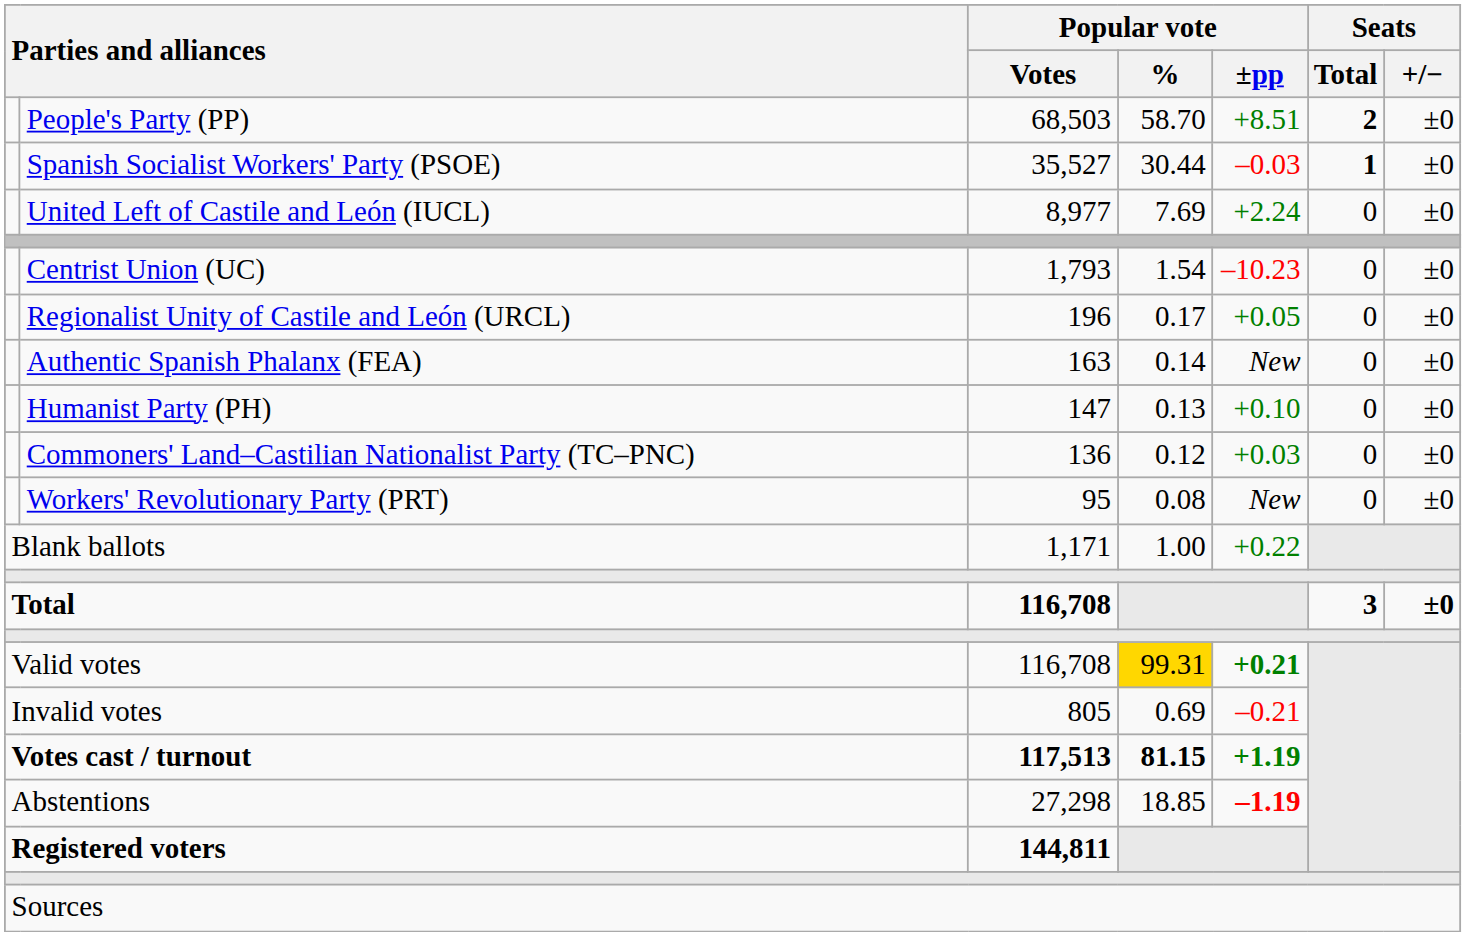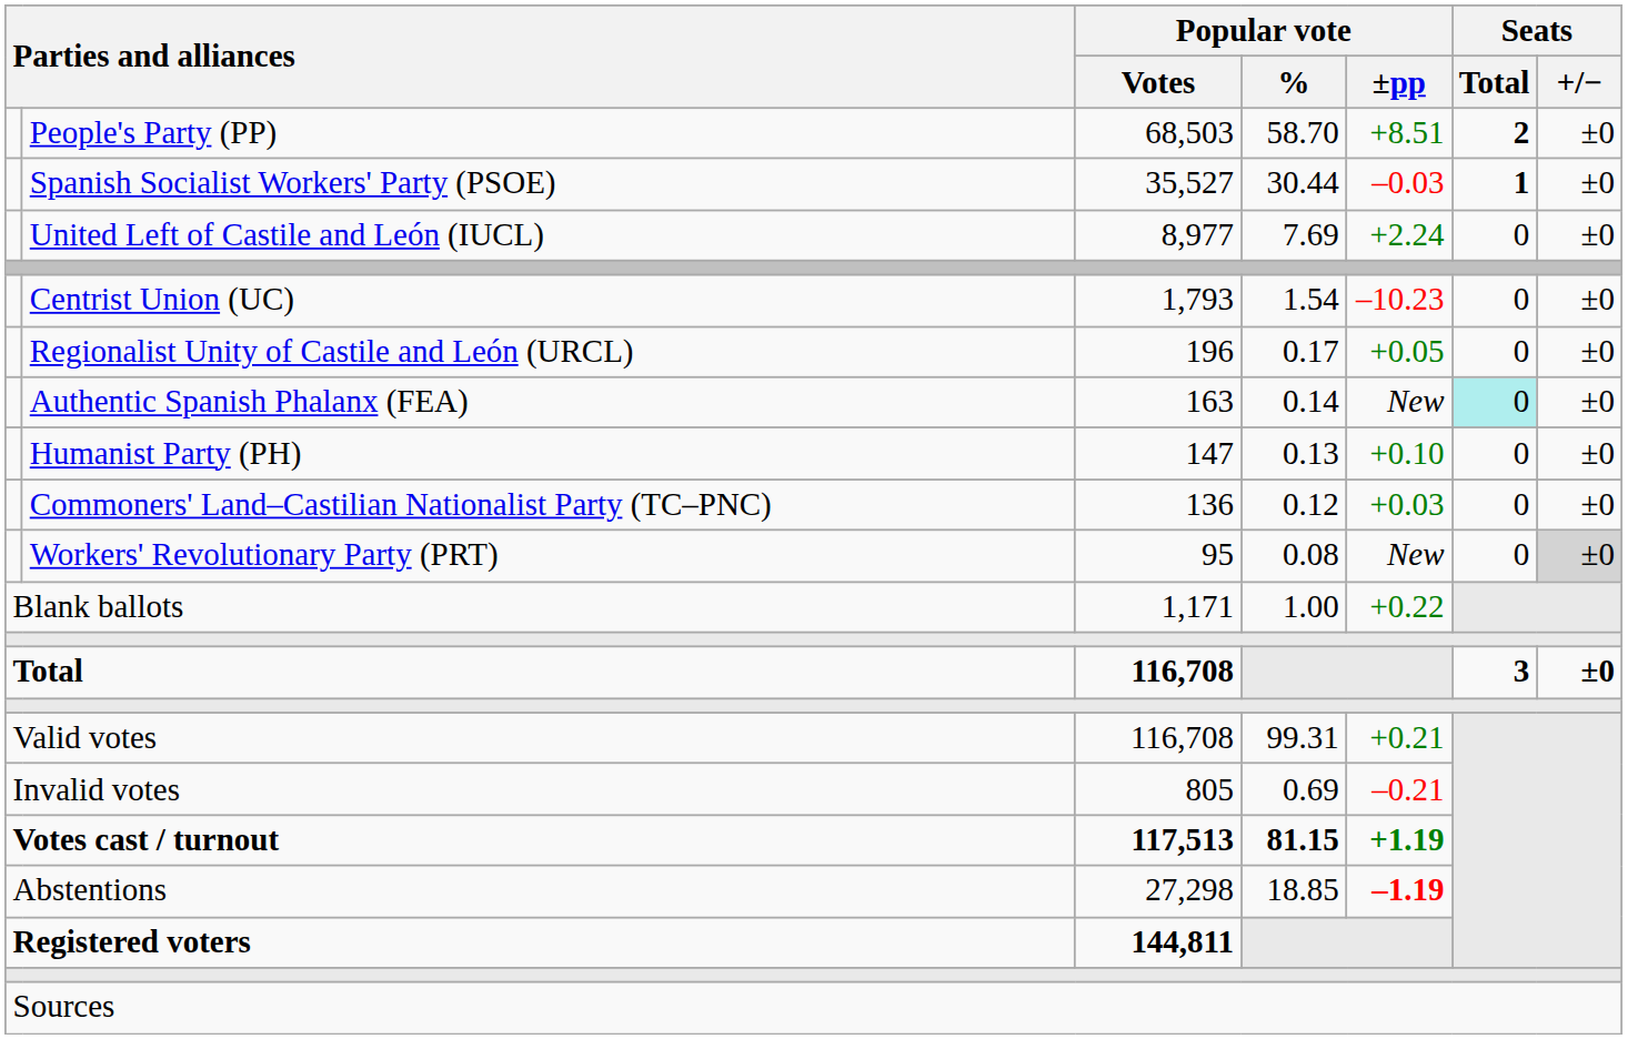 <table class="wikitable" style="text-align:right;">
 <tr>
 <th style="text-align:left;" rowspan="2" colspan="2" width="525">Parties and alliances</th>
 <th colspan="3">Popular vote</th>
 <th colspan="2">Seats</th>
 </tr>
 <tr>
 <th width="75">Votes</th>
 <th width="45">%</th>
 <th width="45">±<a href='#'>pp</a></th>
 <th width="35">Total</th>
 <th width="35">+/−</th>
 </tr>
 <tr>
 <td width="1" style="color:inherit;background:"></td>
 <td align="left"><a href='#'>People's Party</a> (PP)</td>
 <td>68,503</td>
 <td>58.70</td>
 <td style="color:green;">+8.51</td>
 <td><strong>2</strong></td>
 <td>±0</td>
 </tr>
 <tr>
 <td style="color:inherit;background:"></td>
 <td align="left"><a href='#'>Spanish Socialist Workers' Party</a> (PSOE)</td>
 <td>35,527</td>
 <td>30.44</td>
 <td style="color:red;">–0.03</td>
 <td><strong>1</strong></td>
 <td>±0</td>
 </tr>
 <tr>
 <td style="color:inherit;background:"></td>
 <td align="left"><a href='#'>United Left of Castile and León</a> (IUCL)</td>
 <td>8,977</td>
 <td>7.69</td>
 <td style="color:green;">+2.24</td>
 <td>0</td>
 <td>±0</td>
 </tr>
 <tr>
 <td colspan="7" bgcolor="#C0C0C0"></td>
 </tr>
 <tr>
 <td style="color:inherit;background:"></td>
 <td align="left"><a href='#'>Centrist Union</a> (UC)</td>
 <td>1,793</td>
 <td>1.54</td>
 <td style="color:red;">–10.23</td>
 <td>0</td>
 <td>±0</td>
 </tr>
 <tr>
 <td style="color:inherit;background:"></td>
 <td align="left"><a href='#'>Regionalist Unity of Castile and León</a> (URCL)</td>
 <td>196</td>
 <td>0.17</td>
 <td style="color:green;">+0.05</td>
 <td>0</td>
 <td>±0</td>
 </tr>
 <tr>
 <td style="color:inherit;background:"></td>
 <td align="left"><a href='#'>Authentic Spanish Phalanx</a> (FEA)</td>
 <td>163</td>
 <td>0.14</td>
 <td><em>New</em></td>
-<td>0</td>
+<td style="background: paleturquoise;">0</td>
 <td>±0</td>
 </tr>
 <tr>
 <td style="color:inherit;background:"></td>
 <td align="left"><a href='#'>Humanist Party</a> (PH)</td>
 <td>147</td>
 <td>0.13</td>
 <td style="color:green;">+0.10</td>
 <td>0</td>
 <td>±0</td>
 </tr>
 <tr>
 <td style="color:inherit;background:"></td>
 <td align="left"><a href='#'>Commoners' Land–Castilian Nationalist Party</a> (TC–PNC)</td>
 <td>136</td>
 <td>0.12</td>
 <td style="color:green;">+0.03</td>
 <td>0</td>
 <td>±0</td>
 </tr>
 <tr>
 <td style="color:inherit;background:"></td>
 <td align="left"><a href='#'>Workers' Revolutionary Party</a> (PRT)</td>
 <td>95</td>
 <td>0.08</td>
 <td><em>New</em></td>
 <td>0</td>
-<td>±0</td>
+<td style="background: lightgrey;">±0</td>
 </tr>
 <tr>
 <td align="left" colspan="2">Blank ballots</td>
 <td>1,171</td>
 <td>1.00</td>
 <td style="color:green;">+0.22</td>
 <td bgcolor="#E9E9E9" colspan="2"></td>
 </tr>
 <tr>
 <td colspan="7" bgcolor="#E9E9E9"></td>
 </tr>
 <tr style="font-weight:bold;">
 <td align="left" colspan="2">Total</td>
 <td>116,708</td>
 <td bgcolor="#E9E9E9" colspan="2"></td>
 <td>3</td>
 <td>±0</td>
 </tr>
 <tr>
 <td colspan="7" bgcolor="#E9E9E9"></td>
 </tr>
 <tr>
 <td align="left" colspan="2">Valid votes</td>
 <td>116,708</td>
-<td style="background: gold;">99.31</td>
-<td style="color:green;"><strong>+0.21</strong></td>
+<td>99.31</td>
+<td style="color:green;">+0.21</td>
 <td bgcolor="#E9E9E9" colspan="2" rowspan="5"></td>
 </tr>
 <tr>
 <td align="left" colspan="2">Invalid votes</td>
 <td>805</td>
 <td>0.69</td>
 <td style="color:red;">–0.21</td>
 </tr>
 <tr style="font-weight:bold;">
 <td align="left" colspan="2">Votes cast / turnout</td>
 <td>117,513</td>
 <td>81.15</td>
 <td style="color:green;">+1.19</td>
 </tr>
 <tr>
 <td align="left" colspan="2">Abstentions</td>
 <td>27,298</td>
 <td>18.85</td>
 <td style="color:red;"><strong>–1.19</strong></td>
 </tr>
 <tr style="font-weight:bold;">
 <td align="left" colspan="2">Registered voters</td>
 <td>144,811</td>
 <td bgcolor="#E9E9E9" colspan="2"></td>
 </tr>
 <tr>
 <td colspan="7" bgcolor="#E9E9E9"></td>
 </tr>
 <tr>
 <td align="left" colspan="7">Sources</td>
 </tr>
 </table>
